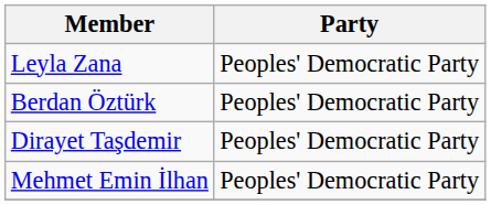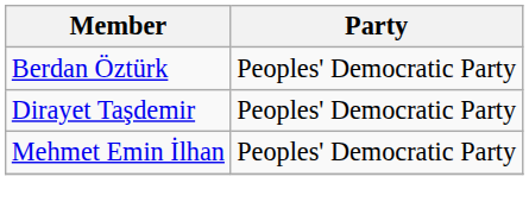 <table class="wikitable">
 <tr>
 <th>Member</th>
 <th>Party</th>
-</tr>
-<tr>
-<td><a href='#'>Leyla Zana</a></td>
-<td style="background:">Peoples' Democratic Party</td>
 </tr>
 <tr>
 <td><a href='#'>Berdan Öztürk</a></td>
 <td style="background:">Peoples' Democratic Party</td>
 </tr>
 <tr>
 <td><a href='#'>Dirayet Taşdemir</a></td>
 <td style="background:">Peoples' Democratic Party</td>
 </tr>
 <tr>
 <td><a href='#'>Mehmet Emin İlhan</a></td>
 <td style="background:">Peoples' Democratic Party</td>
 </tr>
 <tr>
 </tr>
 </table>
